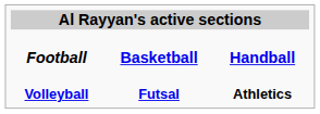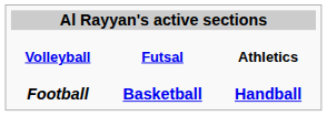 <table class="infobox" style="width: 20em; font-size: 95%em;align: center">
 <tr bgcolor="#cccccc" style="text-align: center">
 <th colspan="3">Al Rayyan's active sections</th>
+</tr>
+<tr style="font-size: 90%; text-align: center">
+<td><br><strong><a href='#'>Volleyball</a></strong></td>
+<td><br><strong><a href='#'>Futsal</a></strong></td>
+<td><br><strong>Athletics</strong></td>
 </tr>
 <tr style="text-align: center">
 <td><br><strong><em>Football</em></strong></td>
 <td><br><strong><a href='#'>Basketball</a></strong></td>
 <td><br><strong><a href='#'>Handball</a></strong></td>
 </tr>
-<tr style="font-size: 90%; text-align: center">
-<td><br><strong><a href='#'>Volleyball</a></strong></td>
-<td><br><strong><a href='#'>Futsal</a></strong></td>
-<td><br><strong>Athletics</strong></td>
-</tr>
 </table>
